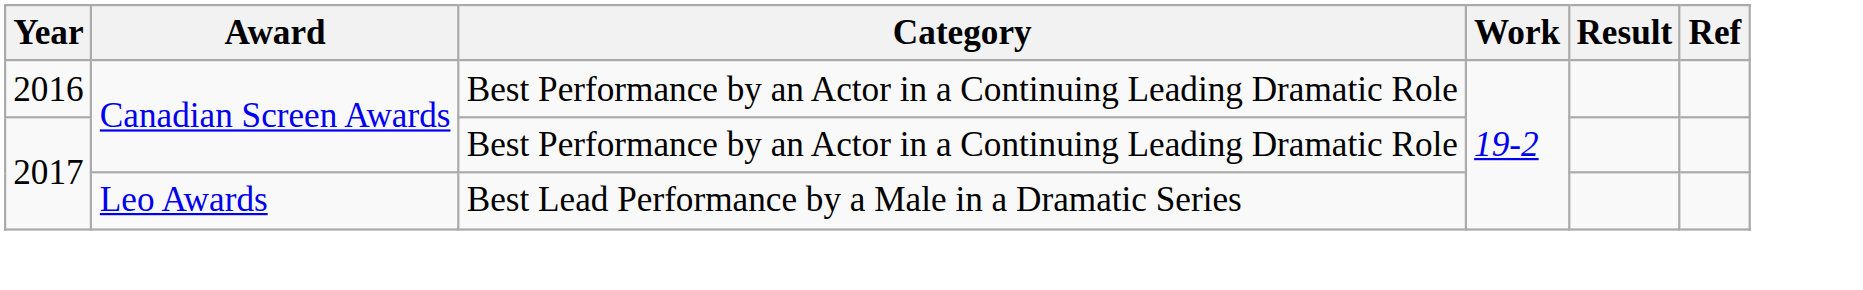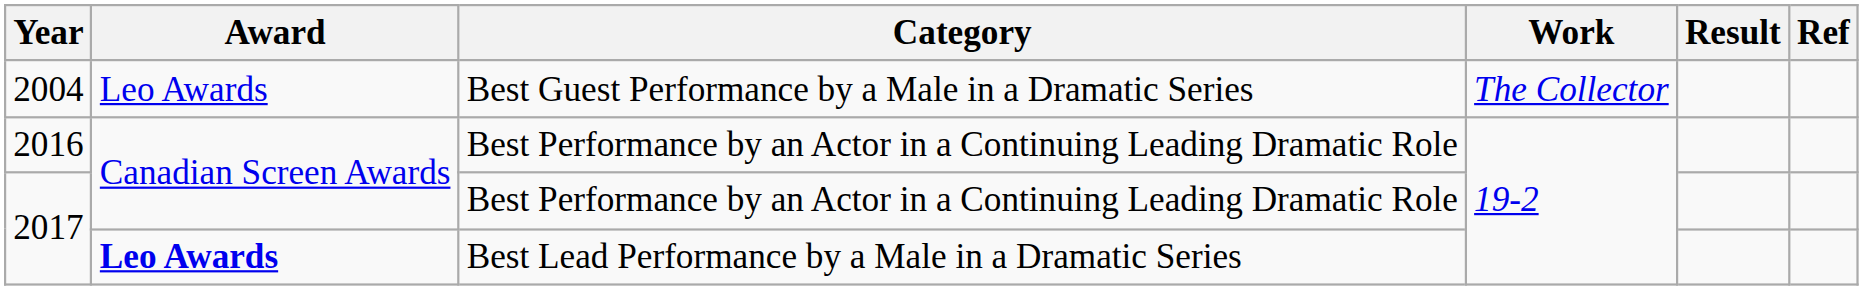 <table class="wikitable">
 <tr>
 <th>Year</th>
 <th>Award</th>
 <th>Category</th>
 <th>Work</th>
 <th>Result</th>
 <th>Ref</th>
+</tr>
+<tr>
+<td>2004</td>
+<td><a href='#'>Leo Awards</a></td>
+<td>Best Guest Performance by a Male in a Dramatic Series</td>
+<td><em><a href='#'>The Collector</a></em></td>
+<td></td>
+<td></td>
 </tr>
 <tr>
 <td>2016</td>
 <td rowspan=2><a href='#'>Canadian Screen Awards</a></td>
 <td>Best Performance by an Actor in a Continuing Leading Dramatic Role</td>
 <td rowspan=3><em><a href='#'>19-2</a></em></td>
 <td></td>
 <td></td>
 </tr>
 <tr>
 <td rowspan=2>2017</td>
 <td>Best Performance by an Actor in a Continuing Leading Dramatic Role</td>
 <td></td>
 <td></td>
 </tr>
 <tr>
-<td><a href='#'>Leo Awards</a></td>
+<td><strong><a href='#'>Leo Awards</a></strong></td>
 <td>Best Lead Performance by a Male in a Dramatic Series</td>
 <td></td>
 <td></td>
 </tr>
 </table>
